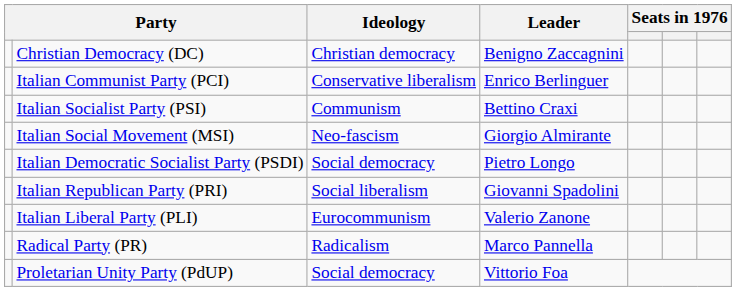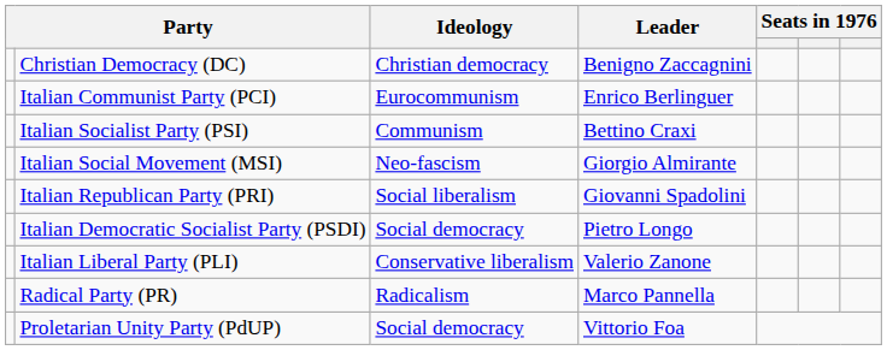 <table class=wikitable style="text-align:left">
 <tr>
 <th colspan=2  rowspan="2">Party</th>
 <th rowspan="2">Ideology</th>
 <th rowspan="2">Leader</th>
 <th colspan="3">Seats in 1976</th>
 </tr>
 <tr>
 <th></th>
 <th></th>
 <th></th>
 </tr>
 <tr>
 <td></td>
 <td><a href='#'>Christian Democracy</a> (DC)</td>
 <td><a href='#'>Christian democracy</a></td>
 <td><a href='#'>Benigno Zaccagnini</a></td>
 <td></td>
 <td></td>
 <td></td>
 </tr>
 <tr>
 <td></td>
 <td><a href='#'>Italian Communist Party</a> (PCI)</td>
-<td><a href='#'>Conservative liberalism</a></td>
+<td><a href='#'>Eurocommunism</a></td>
 <td><a href='#'>Enrico Berlinguer</a></td>
 <td></td>
 <td></td>
 <td></td>
 </tr>
 <tr>
 <td></td>
 <td><a href='#'>Italian Socialist Party</a> (PSI)</td>
 <td><a href='#'>Communism</a></td>
 <td><a href='#'>Bettino Craxi</a></td>
 <td></td>
 <td></td>
 <td></td>
 </tr>
 <tr>
 <td></td>
 <td><a href='#'>Italian Social Movement</a> (MSI)</td>
 <td><a href='#'>Neo-fascism</a></td>
 <td><a href='#'>Giorgio Almirante</a></td>
 <td></td>
 <td></td>
 <td></td>
 </tr>
 <tr>
 <td></td>
+<td><a href='#'>Italian Republican Party</a> (PRI)</td>
+<td><a href='#'>Social liberalism</a></td>
+<td><a href='#'>Giovanni Spadolini</a></td>
+<td></td>
+<td></td>
+<td></td>
+</tr>
+<tr>
+<td></td>
 <td><a href='#'>Italian Democratic Socialist Party</a> (PSDI)</td>
 <td><a href='#'>Social democracy</a></td>
 <td><a href='#'>Pietro Longo</a></td>
 <td></td>
 <td></td>
 <td></td>
 </tr>
 <tr>
 <td></td>
-<td><a href='#'>Italian Republican Party</a> (PRI)</td>
-<td><a href='#'>Social liberalism</a></td>
-<td><a href='#'>Giovanni Spadolini</a></td>
-<td></td>
-<td></td>
-<td></td>
-</tr>
-<tr>
-<td></td>
 <td><a href='#'>Italian Liberal Party</a> (PLI)</td>
-<td><a href='#'>Eurocommunism</a></td>
+<td><a href='#'>Conservative liberalism</a></td>
 <td><a href='#'>Valerio Zanone</a></td>
 <td></td>
 <td></td>
 <td></td>
 </tr>
 <tr>
 <td></td>
 <td><a href='#'>Radical Party</a> (PR)</td>
 <td><a href='#'>Radicalism</a></td>
 <td><a href='#'>Marco Pannella</a></td>
 <td></td>
 <td></td>
 <td></td>
 </tr>
 <tr>
 <td></td>
 <td><a href='#'>Proletarian Unity Party</a> (PdUP)</td>
 <td><a href='#'>Social democracy</a></td>
 <td><a href='#'>Vittorio Foa</a></td>
 <td colspan=3></td>
 </tr>
 </table>
